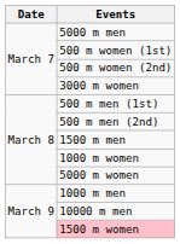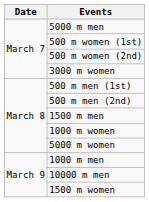 <table class="wikitable" border="1">
 <tr>
 <th>Date</th>
 <th>Events</th>
 </tr>
 <tr>
 <td rowspan=4>March 7</td>
 <td>5000 m men</td>
 </tr>
 <tr>
 <td>500 m women (1st)</td>
 </tr>
 <tr>
 <td>500 m women (2nd)</td>
 </tr>
 <tr>
 <td>3000 m women</td>
 </tr>
 <tr>
 <td rowspan=5>March 8</td>
 <td>500 m men (1st)</td>
 </tr>
 <tr>
 <td>500 m men (2nd)</td>
 </tr>
 <tr>
 <td>1500 m men</td>
 </tr>
 <tr>
 <td>1000 m women</td>
 </tr>
 <tr>
 <td>5000 m women</td>
 </tr>
 <tr>
 <td rowspan=3>March 9</td>
 <td>1000 m men</td>
 </tr>
 <tr>
 <td>10000 m men</td>
 </tr>
 <tr>
-<td style="background: pink;">1500 m women</td>
+<td>1500 m women</td>
 </tr>
 </table>
